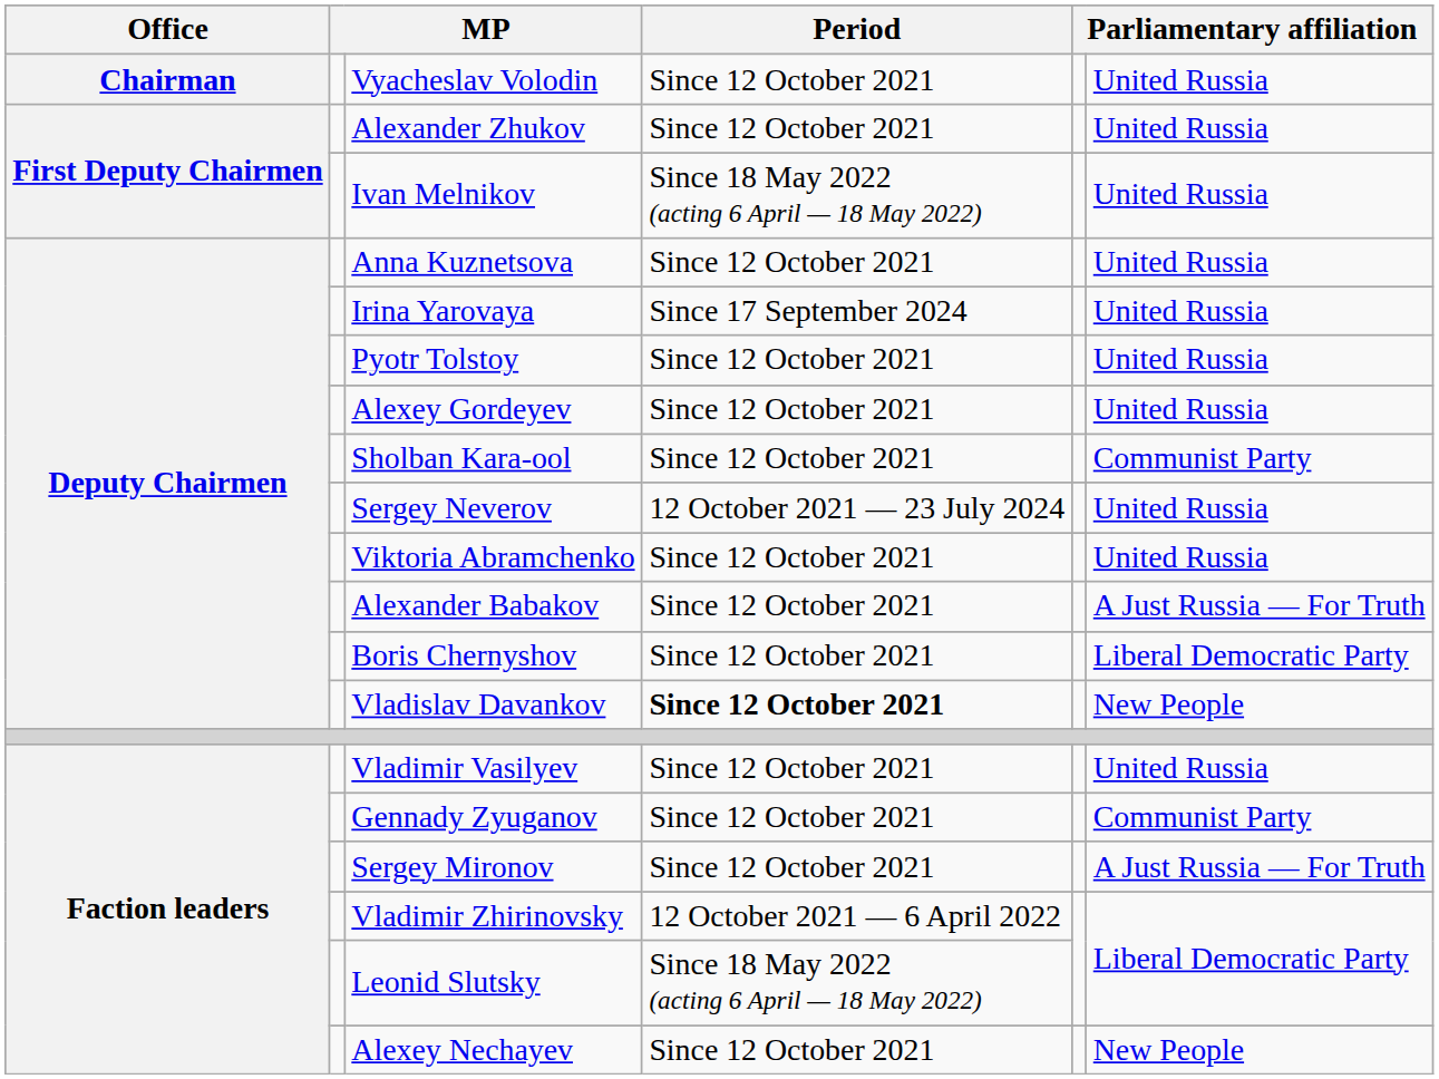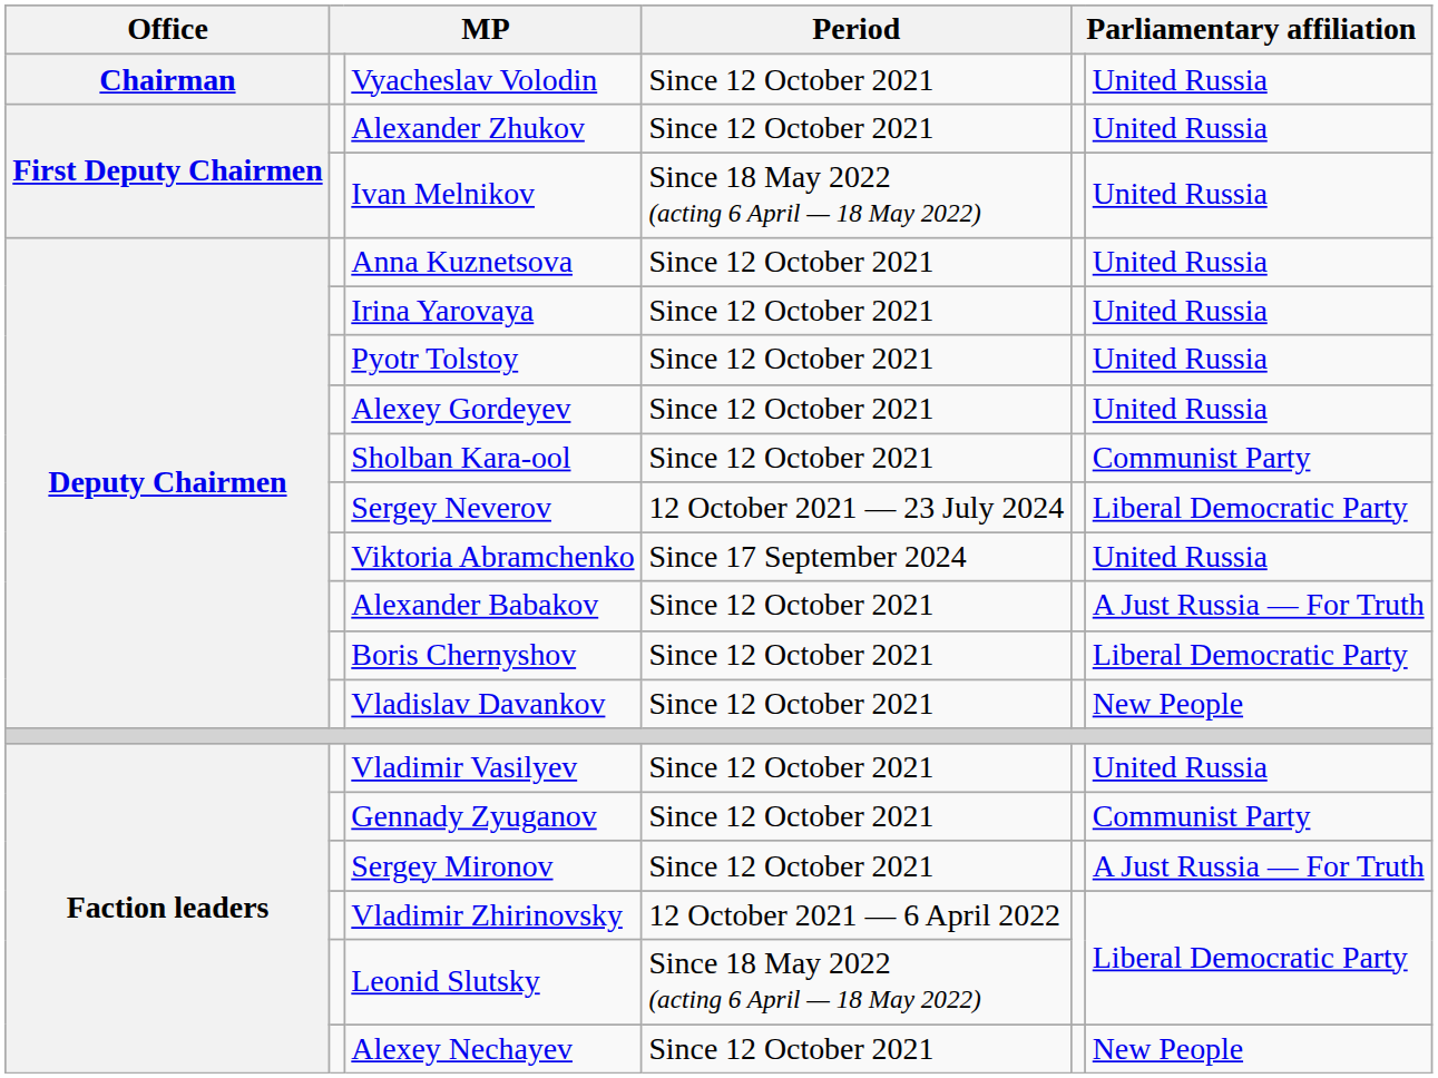 <table class=wikitable>
 <tr>
 <th>Office</th>
 <th colspan=2>MP</th>
 <th>Period</th>
 <th colspan=2>Parliamentary affiliation</th>
 </tr>
 <tr>
 <th><a href='#'>Chairman</a></th>
 <td style="background-color:"></td>
 <td><a href='#'>Vyacheslav Volodin</a></td>
 <td>Since 12 October 2021</td>
 <td style="background-color:"></td>
 <td><a href='#'>United Russia</a></td>
 </tr>
 <tr>
 <th rowspan=2><a href='#'>First Deputy Chairmen</a></th>
 <td style="background-color:"></td>
 <td><a href='#'>Alexander Zhukov</a></td>
 <td>Since 12 October 2021</td>
 <td style="background-color:"></td>
 <td><a href='#'>United Russia</a></td>
 </tr>
 <tr>
 <td style="background-color:"></td>
 <td><a href='#'>Ivan Melnikov</a></td>
 <td>Since 18 May 2022<br><small><em>(acting 6 April — 18 May 2022)</em></small></td>
 <td style="background-color:"></td>
 <td><a href='#'>United Russia</a></td>
 </tr>
 <tr>
 <th rowspan=10><a href='#'>Deputy Chairmen</a></th>
 <td style="background-color:"></td>
 <td><a href='#'>Anna Kuznetsova</a></td>
 <td>Since 12 October 2021</td>
 <td style="background-color:"></td>
 <td><a href='#'>United Russia</a></td>
 </tr>
 <tr>
 <td style="background-color:"></td>
 <td><a href='#'>Irina Yarovaya</a></td>
-<td>Since 17 September 2024</td>
+<td>Since 12 October 2021</td>
 <td style="background-color:"></td>
 <td><a href='#'>United Russia</a></td>
 </tr>
 <tr>
 <td style="background-color:"></td>
 <td><a href='#'>Pyotr Tolstoy</a></td>
 <td>Since 12 October 2021</td>
 <td style="background-color:"></td>
 <td><a href='#'>United Russia</a></td>
 </tr>
 <tr>
 <td style="background-color:"></td>
 <td><a href='#'>Alexey Gordeyev</a></td>
 <td>Since 12 October 2021</td>
 <td style="background-color:"></td>
 <td><a href='#'>United Russia</a></td>
 </tr>
 <tr>
 <td style="background-color:"></td>
 <td><a href='#'>Sholban Kara-ool</a></td>
 <td>Since 12 October 2021</td>
 <td style="background-color:"></td>
 <td><a href='#'>Communist Party</a></td>
 </tr>
 <tr>
 <td style="background-color:"></td>
 <td><a href='#'>Sergey Neverov</a></td>
 <td>12 October 2021 — 23 July 2024</td>
 <td style="background-color:"></td>
-<td><a href='#'>United Russia</a></td>
+<td><a href='#'>Liberal Democratic Party</a></td>
 </tr>
 <tr>
 <td style="background-color:"></td>
 <td><a href='#'>Viktoria Abramchenko</a></td>
-<td>Since 12 October 2021</td>
+<td>Since 17 September 2024</td>
 <td style="background-color:"></td>
 <td><a href='#'>United Russia</a></td>
 </tr>
 <tr>
 <td style="background-color:"></td>
 <td><a href='#'>Alexander Babakov</a></td>
 <td>Since 12 October 2021</td>
 <td style="background-color:"></td>
 <td><a href='#'>A Just Russia — For Truth</a></td>
 </tr>
 <tr>
 <td style="background-color:"></td>
 <td><a href='#'>Boris Chernyshov</a></td>
 <td>Since 12 October 2021</td>
 <td style="background-color:"></td>
 <td><a href='#'>Liberal Democratic Party</a></td>
 </tr>
 <tr>
 <td style="background-color:"></td>
 <td><a href='#'>Vladislav Davankov</a></td>
-<td><strong>Since 12 October 2021</strong></td>
+<td>Since 12 October 2021</td>
 <td style="background-color:"></td>
 <td><a href='#'>New People</a></td>
 </tr>
 <tr>
 <td colspan=7; bgcolor="lightgrey"></td>
 </tr>
 <tr>
 <th rowspan=6>Faction leaders</th>
 <td style="background-color:"></td>
 <td><a href='#'>Vladimir Vasilyev</a></td>
 <td>Since 12 October 2021</td>
 <td style="background-color:"></td>
 <td><a href='#'>United Russia</a></td>
 </tr>
 <tr>
 <td style="background-color:"></td>
 <td><a href='#'>Gennady Zyuganov</a></td>
 <td>Since 12 October 2021</td>
 <td style="background-color:"></td>
 <td><a href='#'>Communist Party</a></td>
 </tr>
 <tr>
 <td style="background-color:"></td>
 <td><a href='#'>Sergey Mironov</a></td>
 <td>Since 12 October 2021</td>
 <td style="background-color:"></td>
 <td><a href='#'>A Just Russia — For Truth</a></td>
 </tr>
 <tr>
 <td style="background-color:"></td>
 <td><a href='#'>Vladimir Zhirinovsky</a></td>
 <td>12 October 2021 — 6 April 2022</td>
 <td rowspan=2 style="background-color:"></td>
 <td rowspan=2><a href='#'>Liberal Democratic Party</a></td>
 </tr>
 <tr>
 <td style="background-color:"></td>
 <td><a href='#'>Leonid Slutsky</a></td>
 <td>Since 18 May 2022<br><small><em>(acting 6 April — 18 May 2022)</em></small></td>
 </tr>
 <tr>
 <td style="background-color:"></td>
 <td><a href='#'>Alexey Nechayev</a></td>
 <td>Since 12 October 2021</td>
 <td style="background-color:"></td>
 <td><a href='#'>New People</a></td>
 </tr>
 </table>
